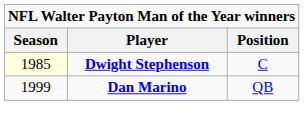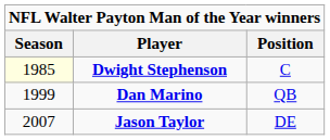 <table class="wikitable" style="text-align:center">
 <tr>
 <td colspan="3"><strong>NFL Walter Payton Man of the Year winners</strong></td>
 </tr>
 <tr>
 <th>Season</th>
 <th>Player</th>
 <th>Position</th>
 </tr>
 <tr>
 <td style="background: lightyellow;">1985</td>
 <td><strong><a href='#'>Dwight Stephenson</a></strong></td>
 <td><a href='#'>C</a></td>
 </tr>
 <tr>
 <td>1999</td>
 <td><strong><a href='#'>Dan Marino</a></strong></td>
 <td><a href='#'>QB</a></td>
 </tr>
+<tr>
+<td>2007</td>
+<td><strong><a href='#'>Jason Taylor</a></strong></td>
+<td><a href='#'>DE</a></td>
+</tr>
 </table>
